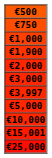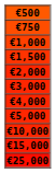 <table width="55" border="1" cellspacing="0" cellpadding="1" |->
 <tr>
 <td style="background:#ff5900; text-align:center;"><span><strong>€500</strong></span></td>
 </tr>
 <tr>
 <td style="background:#ff4d00; text-align:center;"><span><strong>€750</strong></span></td>
 </tr>
 <tr>
 <td style="background:#ff4000; text-align:center;"><span><strong>€1,000</strong></span></td>
 </tr>
 <tr>
-<td style="background:#f30; text-align:center;"><span><strong>€1,900</strong></span></td>
+<td style="background:#f30; text-align:center;"><span><strong>€1,500</strong></span></td>
 </tr>
 <tr>
 <td style="background:#ff2600; text-align:center;"><span><strong>€2,000</strong></span></td>
 </tr>
 <tr>
 <td style="background:#ff2600; text-align:center;"><span><strong>€3,000</strong></span></td>
 </tr>
 <tr>
-<td style="background:#ff2600; text-align:center;"><span><strong>€3,997</strong></span></td>
+<td style="background:#ff2600; text-align:center;"><span><strong>€4,000</strong></span></td>
 </tr>
 <tr>
 <td style="background:#ff2600; text-align:center;"><span><strong>€5,000</strong></span></td>
 </tr>
 <tr>
 <td style="background:#ff2600; text-align:center;"><span><strong>€10,000</strong></span></td>
 </tr>
 <tr>
-<td style="background:#ff1a00; text-align:center;"><span><strong>€15,001</strong></span></td>
+<td style="background:#ff1a00; text-align:center;"><span><strong>€15,000</strong></span></td>
 </tr>
 <tr>
 <td style="background:#ff0d00; text-align:center;"><span><strong>€25,000</strong></span></td>
 </tr>
 </table>
